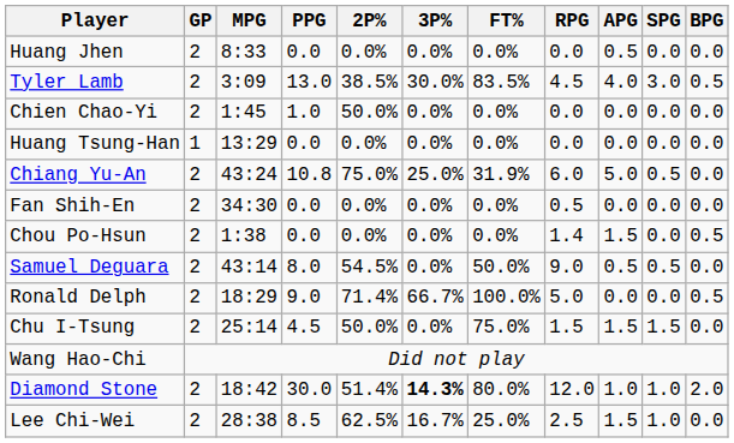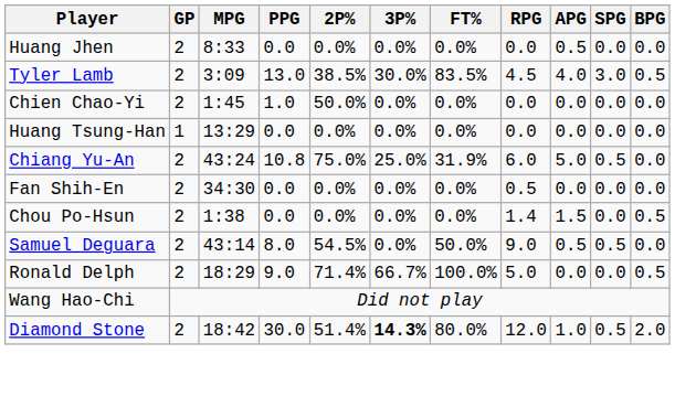 <table class="wikitable">
 <tr>
 <th>Player</th>
 <th>GP</th>
 <th>MPG</th>
 <th>PPG</th>
 <th>2P%</th>
 <th>3P%</th>
 <th>FT%</th>
 <th>RPG</th>
 <th>APG</th>
 <th>SPG</th>
 <th>BPG</th>
 </tr>
 <tr>
 <td>Huang Jhen</td>
 <td>2</td>
 <td>8:33</td>
 <td>0.0</td>
 <td>0.0%</td>
 <td>0.0%</td>
 <td>0.0%</td>
 <td>0.0</td>
 <td>0.5</td>
 <td>0.0</td>
 <td>0.0</td>
 </tr>
 <tr>
 <td><a href='#'>Tyler Lamb</a></td>
 <td>2</td>
 <td>3:09</td>
 <td>13.0</td>
 <td>38.5%</td>
 <td>30.0%</td>
 <td>83.5%</td>
 <td>4.5</td>
 <td>4.0</td>
 <td>3.0</td>
 <td>0.5</td>
 </tr>
 <tr>
 <td>Chien Chao-Yi</td>
 <td>2</td>
 <td>1:45</td>
 <td>1.0</td>
 <td>50.0%</td>
 <td>0.0%</td>
 <td>0.0%</td>
 <td>0.0</td>
 <td>0.0</td>
 <td>0.0</td>
 <td>0.0</td>
 </tr>
 <tr>
 <td>Huang Tsung-Han</td>
 <td>1</td>
 <td>13:29</td>
 <td>0.0</td>
 <td>0.0%</td>
 <td>0.0%</td>
 <td>0.0%</td>
 <td>0.0</td>
 <td>0.0</td>
 <td>0.0</td>
 <td>0.0</td>
 </tr>
 <tr>
 <td><a href='#'>Chiang Yu-An</a></td>
 <td>2</td>
 <td>43:24</td>
 <td>10.8</td>
 <td>75.0%</td>
 <td>25.0%</td>
 <td>31.9%</td>
 <td>6.0</td>
 <td>5.0</td>
 <td>0.5</td>
 <td>0.0</td>
 </tr>
 <tr>
 <td>Fan Shih-En</td>
 <td>2</td>
 <td>34:30</td>
 <td>0.0</td>
 <td>0.0%</td>
 <td>0.0%</td>
 <td>0.0%</td>
 <td>0.5</td>
 <td>0.0</td>
 <td>0.0</td>
 <td>0.0</td>
 </tr>
 <tr>
 <td>Chou Po-Hsun</td>
 <td>2</td>
 <td>1:38</td>
 <td>0.0</td>
 <td>0.0%</td>
 <td>0.0%</td>
 <td>0.0%</td>
 <td>1.4</td>
 <td>1.5</td>
 <td>0.0</td>
 <td>0.5</td>
 </tr>
 <tr>
 <td><a href='#'>Samuel Deguara</a></td>
 <td>2</td>
 <td>43:14</td>
 <td>8.0</td>
 <td>54.5%</td>
 <td>0.0%</td>
 <td>50.0%</td>
 <td>9.0</td>
 <td>0.5</td>
 <td>0.5</td>
 <td>0.0</td>
 </tr>
 <tr>
 <td>Ronald Delph</td>
 <td>2</td>
 <td>18:29</td>
 <td>9.0</td>
 <td>71.4%</td>
 <td>66.7%</td>
 <td>100.0%</td>
 <td>5.0</td>
 <td>0.0</td>
 <td>0.0</td>
 <td>0.5</td>
 </tr>
 <tr>
-<td>Chu I-Tsung</td>
-<td>2</td>
-<td>25:14</td>
-<td>4.5</td>
-<td>50.0%</td>
-<td>0.0%</td>
-<td>75.0%</td>
-<td>1.5</td>
-<td>1.5</td>
-<td>1.5</td>
-<td>0.0</td>
-</tr>
-<tr>
 <td>Wang Hao-Chi</td>
 <td colspan=10 align=center><em>Did not play</em></td>
 </tr>
 <tr>
 <td><a href='#'>Diamond Stone</a></td>
 <td>2</td>
 <td>18:42</td>
 <td>30.0</td>
 <td>51.4%</td>
 <td><strong>14.3%</strong></td>
 <td>80.0%</td>
 <td>12.0</td>
 <td>1.0</td>
-<td>1.0</td>
+<td>0.5</td>
 <td>2.0</td>
 </tr>
-<tr>
-<td>Lee Chi-Wei</td>
-<td>2</td>
-<td>28:38</td>
-<td>8.5</td>
-<td>62.5%</td>
-<td>16.7%</td>
-<td>25.0%</td>
-<td>2.5</td>
-<td>1.5</td>
-<td>1.0</td>
-<td>0.0</td>
-</tr>
 </table>
